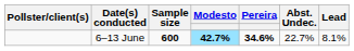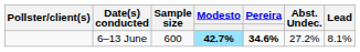 <table class="wikitable" style="text-align:center;font-size:90%;line-height:14px;">
 <tr>
 <th rowspan="2">Pollster/client(s)</th>
 <th rowspan="2">Date(s)<br>conducted</th>
 <th rowspan="2">Sample<br>size</th>
 <th><a href='#'>Modesto</a><br></th>
 <th><a href='#'>Pereira</a><br></th>
 <th rowspan="2">Abst.<br>Undec.</th>
 <th rowspan="2">Lead</th>
 </tr>
 <tr>
 <th class="sortable" data-sort-type="number" style="background:"></th>
 <th class="sortable" data-sort-type="number" style="background:"></th>
 </tr>
 <tr>
 <td></td>
 <td>6–13 June</td>
-<td><strong>600</strong></td>
+<td>600</td>
 <td style="background:#97e3ff;"><strong>42.7%</strong></td>
 <td><strong>34.6%</strong></td>
-<td>22.7%</td>
+<td>27.2%</td>
 <td style="background:">8.1%</td>
 </tr>
 </table>
